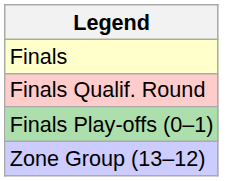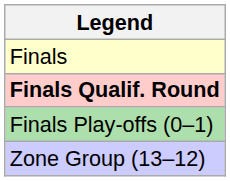 <table class="wikitable" style=font-size:90%>
 <tr>
 <th>Legend</th>
 </tr>
 <tr bgcolor=ffffcc>
 <td>Finals</td>
 </tr>
 <tr bgcolor=ffcccc>
-<td>Finals Qualif. Round</td>
+<td><strong>Finals Qualif. Round</strong></td>
 </tr>
 <tr bgcolor="addfad">
 <td>Finals Play-offs (0–1)</td>
 </tr>
 <tr bgcolor="#ccf">
 <td>Zone Group (13–12)</td>
 </tr>
 </table>
